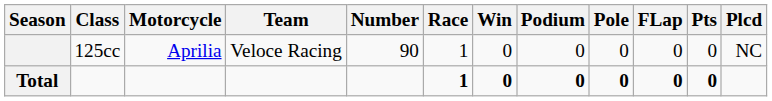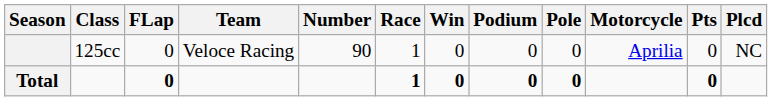 <table class="wikitable">
 <tr>
 <th>Season</th>
 <th>Class</th>
-<th>Motorcycle</th>
+<th>FLap</th>
 <th>Team</th>
 <th>Number</th>
 <th>Race</th>
 <th>Win</th>
 <th>Podium</th>
 <th>Pole</th>
-<th>FLap</th>
+<th>Motorcycle</th>
 <th>Pts</th>
 <th>Plcd</th>
 </tr>
 <tr align="right">
 <th></th>
 <td>125cc</td>
-<td><a href='#'>Aprilia</a></td>
+<td>0</td>
 <td>Veloce Racing</td>
 <td>90</td>
 <td>1</td>
 <td>0</td>
 <td>0</td>
 <td>0</td>
-<td>0</td>
+<td><a href='#'>Aprilia</a></td>
 <td>0</td>
 <td>NC</td>
 </tr>
 <tr align="right">
 <th>Total</th>
 <td></td>
-<td></td>
+<td><strong>0</strong></td>
 <td></td>
 <td></td>
 <td><strong>1</strong></td>
 <td><strong>0</strong></td>
 <td><strong>0</strong></td>
 <td><strong>0</strong></td>
-<td><strong>0</strong></td>
+<td></td>
 <td><strong>0</strong></td>
 <td></td>
 </tr>
 </table>
